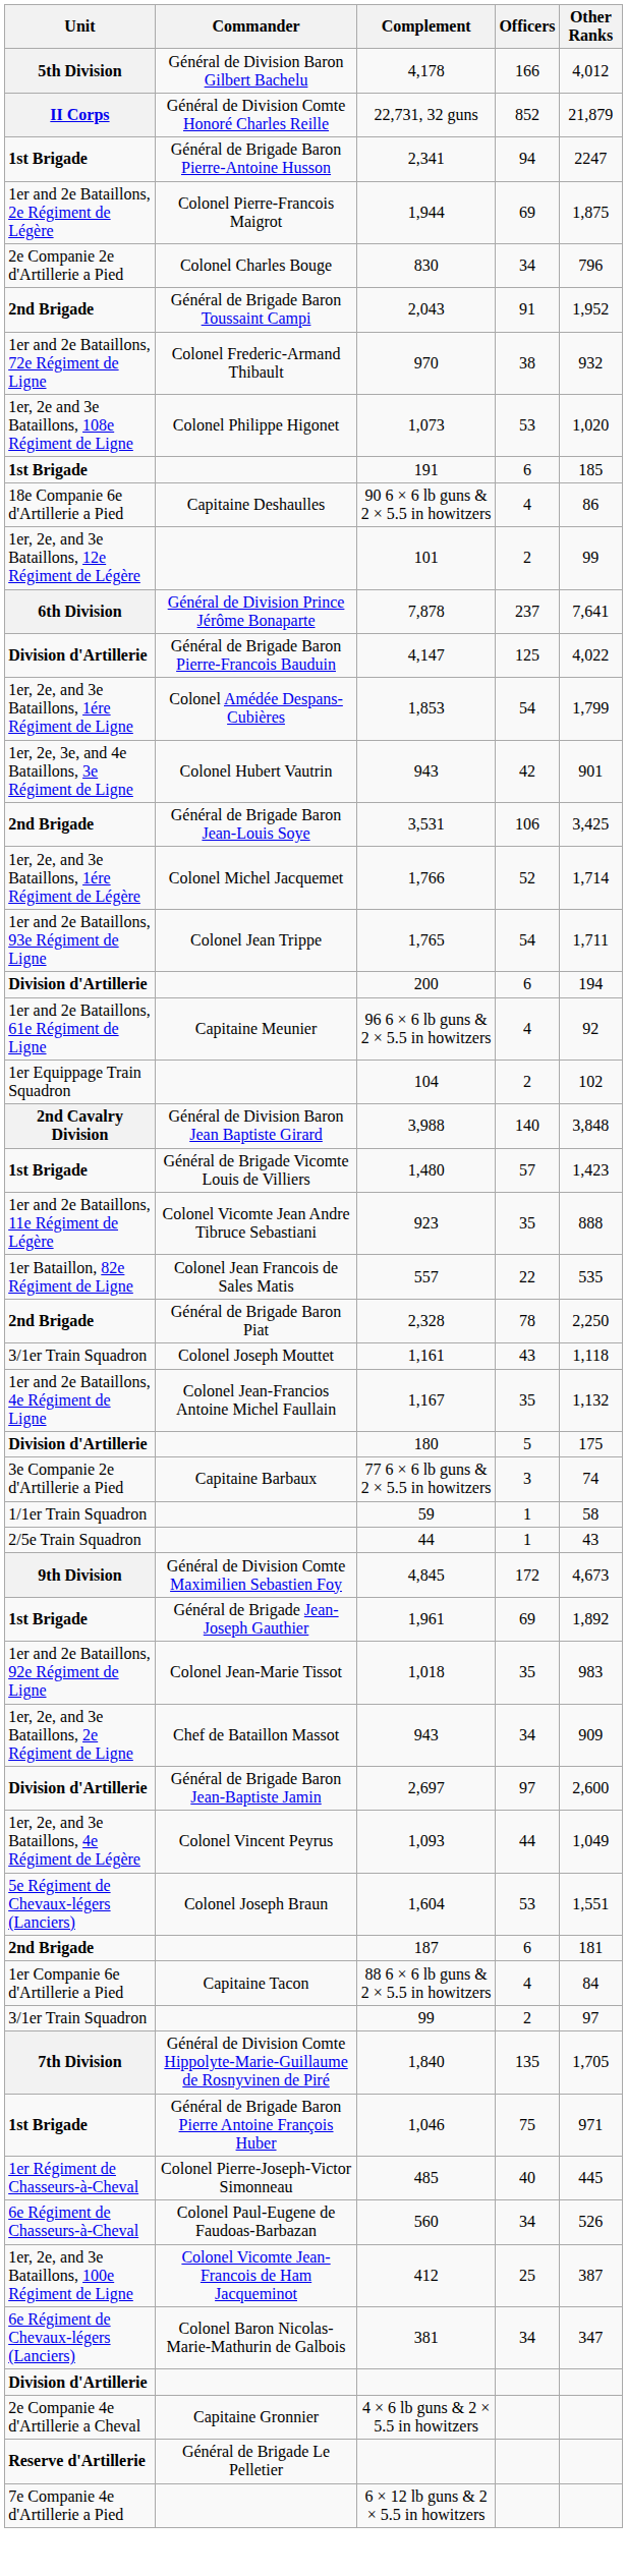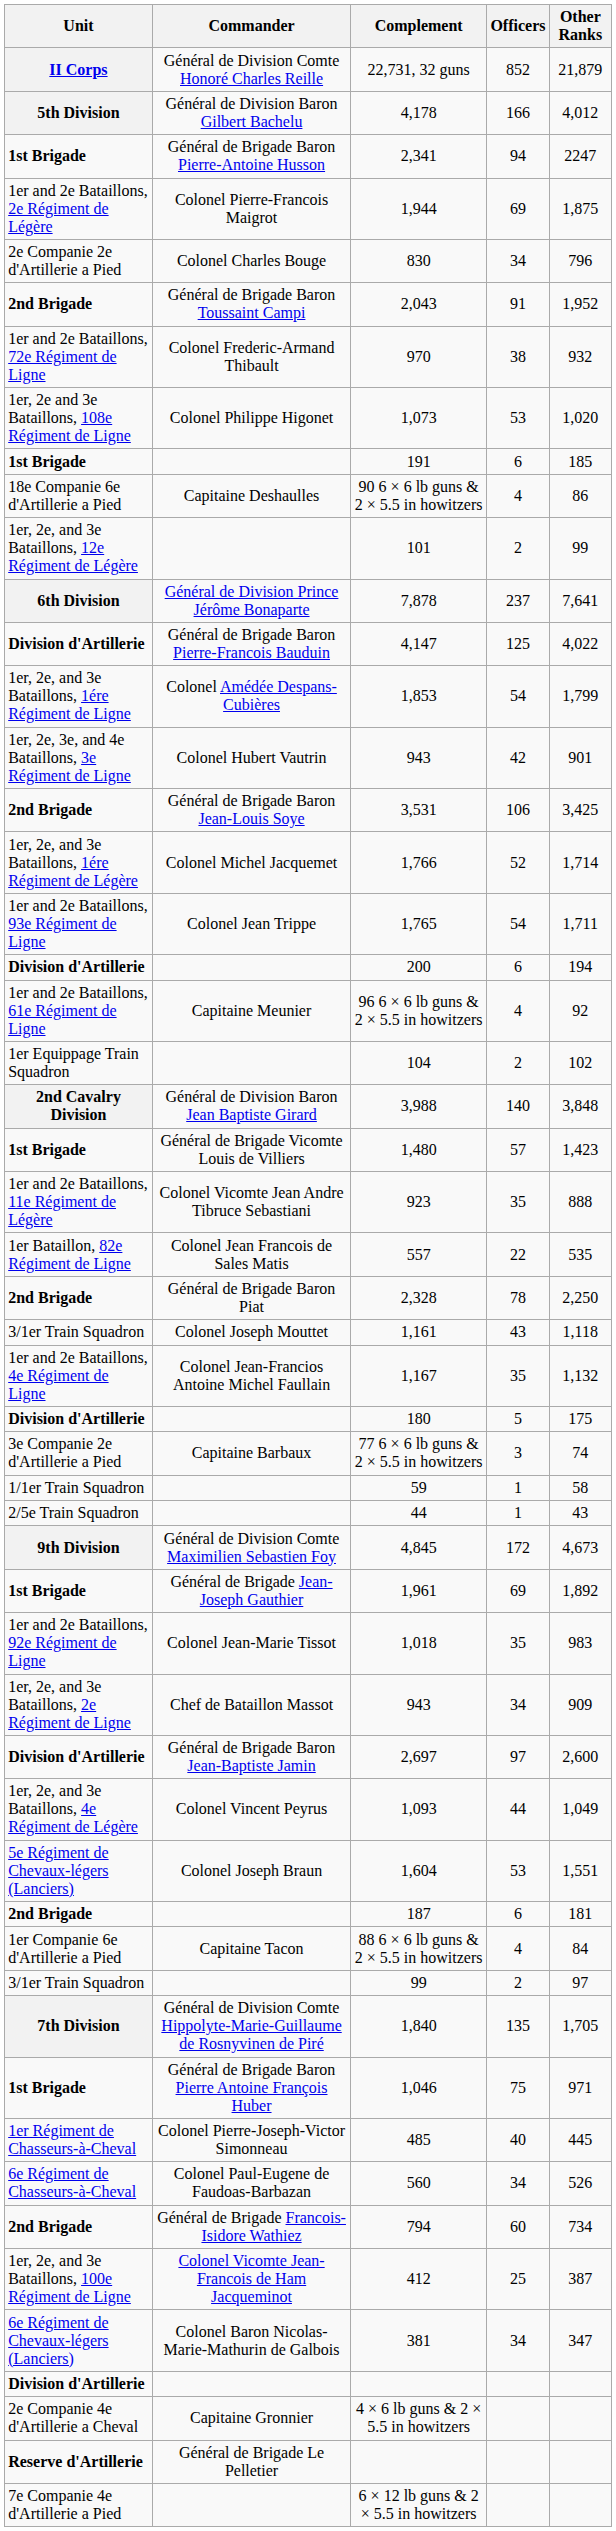 <table class="wikitable">
 <tr>
 <th>Unit</th>
 <th>Commander</th>
 <th>Complement</th>
 <th>Officers</th>
 <th>Other Ranks</th>
 </tr>
 <tr>
+<th colspan="1" bgcolor="#f9f9f9;"><a href='#'>II Corps</a></th>
+<td align="center">Général de Division Comte <a href='#'>Honoré Charles Reille</a></td>
+<td align="center">22,731, 32 guns</td>
+<td align="center">852</td>
+<td align="center">21,879</td>
+</tr>
+<tr>
 <th colspan="1" bgcolor="#f9f9f9;">5th Division</th>
 <td align="center">Général de Division Baron <a href='#'>Gilbert Bachelu</a></td>
 <td align="center">4,178</td>
 <td align="center">166</td>
 <td align="center">4,012</td>
-</tr>
-<tr>
-<th colspan="1" bgcolor="#f9f9f9;"><a href='#'>II Corps</a></th>
-<td align="center">Général de Division Comte <a href='#'>Honoré Charles Reille</a></td>
-<td align="center">22,731, 32 guns</td>
-<td align="center">852</td>
-<td align="center">21,879</td>
 </tr>
 <tr>
 <td><strong>1st Brigade</strong></td>
 <td align="center">Général de Brigade Baron <a href='#'>Pierre-Antoine Husson</a></td>
 <td align="center">2,341</td>
 <td align="center">94</td>
 <td align="center">2247</td>
 </tr>
 <tr>
 <td>1er and 2e Bataillons, <a href='#'>2e Régiment de Légère</a></td>
 <td align="center">Colonel Pierre-Francois Maigrot</td>
 <td align="center">1,944</td>
 <td align="center">69</td>
 <td align="center">1,875</td>
 </tr>
 <tr>
 <td>2e Companie 2e d'Artillerie a Pied</td>
 <td align="center">Colonel Charles Bouge</td>
 <td align="center">830</td>
 <td align="center">34</td>
 <td align="center">796</td>
 </tr>
 <tr>
 <td><strong>2nd Brigade</strong></td>
 <td align="center">Général de Brigade Baron <a href='#'>Toussaint Campi</a></td>
 <td align="center">2,043</td>
 <td align="center">91</td>
 <td align="center">1,952</td>
 </tr>
 <tr>
 <td>1er and 2e Bataillons, <a href='#'>72e Régiment de Ligne</a></td>
 <td align="center">Colonel Frederic-Armand Thibault</td>
 <td align="center">970</td>
 <td align="center">38</td>
 <td align="center">932</td>
 </tr>
 <tr>
 <td>1er, 2e and 3e Bataillons, <a href='#'>108e Régiment de Ligne</a></td>
 <td align="center">Colonel Philippe Higonet</td>
 <td align="center">1,073</td>
 <td align="center">53</td>
 <td align="center">1,020</td>
 </tr>
 <tr>
 <td><strong>1st Brigade</strong></td>
 <td align="center"></td>
 <td align="center">191</td>
 <td align="center">6</td>
 <td align="center">185</td>
 </tr>
 <tr>
 <td>18e Companie 6e d'Artillerie a Pied</td>
 <td align="center">Capitaine Deshaulles</td>
 <td align="center">90 6 × 6 lb guns & 2 × 5.5 in howitzers</td>
 <td align="center">4</td>
 <td align="center">86</td>
 </tr>
 <tr>
 <td>1er, 2e, and 3e Bataillons, <a href='#'>12e Régiment de Légère</a></td>
 <td align="center"></td>
 <td align="center">101</td>
 <td align="center">2</td>
 <td align="center">99</td>
 </tr>
 <tr>
 <th colspan="1" bgcolor="#f9f9f9;">6th Division</th>
 <td align="center"><a href='#'>Général de Division Prince Jérôme Bonaparte</a></td>
 <td align="center">7,878</td>
 <td align="center">237</td>
 <td align="center">7,641</td>
 </tr>
 <tr>
 <td><strong>Division d'Artillerie</strong></td>
 <td align="center">Général de Brigade Baron <a href='#'>Pierre-Francois Bauduin</a></td>
 <td align="center">4,147</td>
 <td align="center">125</td>
 <td align="center">4,022</td>
 </tr>
 <tr>
 <td>1er, 2e, and 3e Bataillons, <a href='#'>1ére Régiment de Ligne</a></td>
 <td align="center">Colonel <a href='#'>Amédée Despans-Cubières</a></td>
 <td align="center">1,853</td>
 <td align="center">54</td>
 <td align="center">1,799</td>
 </tr>
 <tr>
 <td>1er, 2e, 3e, and 4e Bataillons, <a href='#'>3e Régiment de Ligne</a></td>
 <td align="center">Colonel Hubert Vautrin</td>
 <td align="center">943</td>
 <td align="center">42</td>
 <td align="center">901</td>
 </tr>
 <tr>
 <td><strong>2nd Brigade</strong></td>
 <td align="center">Général de Brigade Baron <a href='#'>Jean-Louis Soye</a></td>
 <td align="center">3,531</td>
 <td align="center">106</td>
 <td align="center">3,425</td>
 </tr>
 <tr>
 <td>1er, 2e, and 3e Bataillons, <a href='#'>1ére Régiment de Légère</a></td>
 <td align="center">Colonel Michel Jacquemet</td>
 <td align="center">1,766</td>
 <td align="center">52</td>
 <td align="center">1,714</td>
 </tr>
 <tr>
 <td>1er and 2e Bataillons, <a href='#'>93e Régiment de Ligne</a></td>
 <td align="center">Colonel Jean Trippe</td>
 <td align="center">1,765</td>
 <td align="center">54</td>
 <td align="center">1,711</td>
 </tr>
 <tr>
 <td><strong>Division d'Artillerie</strong></td>
 <td align="center"></td>
 <td align="center">200</td>
 <td align="center">6</td>
 <td align="center">194</td>
 </tr>
 <tr>
 <td>1er and 2e Bataillons, <a href='#'>61e Régiment de Ligne</a></td>
 <td align="center">Capitaine Meunier</td>
 <td align="center">96 6 × 6 lb guns & 2 × 5.5 in howitzers</td>
 <td align="center">4</td>
 <td align="center">92</td>
 </tr>
 <tr>
 <td>1er Equippage Train Squadron</td>
 <td align="center"></td>
 <td align="center">104</td>
 <td align="center">2</td>
 <td align="center">102</td>
 </tr>
 <tr>
 <th colspan="1" bgcolor="#f9f9f9;">2nd Cavalry Division</th>
 <td align="center">Général de Division Baron <a href='#'>Jean Baptiste Girard</a></td>
 <td align="center">3,988</td>
 <td align="center">140</td>
 <td align="center">3,848</td>
 </tr>
 <tr>
 <td><strong>1st Brigade</strong></td>
 <td align="center">Général de Brigade Vicomte Louis de Villiers</td>
 <td align="center">1,480</td>
 <td align="center">57</td>
 <td align="center">1,423</td>
 </tr>
 <tr>
 <td>1er and 2e Bataillons, <a href='#'>11e Régiment de Légère</a></td>
 <td align="center">Colonel Vicomte Jean Andre Tibruce Sebastiani</td>
 <td align="center">923</td>
 <td align="center">35</td>
 <td align="center">888</td>
 </tr>
 <tr>
 <td>1er Bataillon, <a href='#'>82e Régiment de Ligne</a></td>
 <td align="center">Colonel Jean Francois de Sales Matis</td>
 <td align="center">557</td>
 <td align="center">22</td>
 <td align="center">535</td>
 </tr>
 <tr>
 <td><strong>2nd Brigade</strong></td>
 <td align="center">Général de Brigade Baron Piat</td>
 <td align="center">2,328</td>
 <td align="center">78</td>
 <td align="center">2,250</td>
 </tr>
 <tr>
 <td>3/1er Train Squadron</td>
 <td align="center">Colonel Joseph Mouttet</td>
 <td align="center">1,161</td>
 <td align="center">43</td>
 <td align="center">1,118</td>
 </tr>
 <tr>
 <td>1er and 2e Bataillons, <a href='#'>4e Régiment de Ligne</a></td>
 <td align="center">Colonel Jean-Francios Antoine Michel Faullain</td>
 <td align="center">1,167</td>
 <td align="center">35</td>
 <td align="center">1,132</td>
 </tr>
 <tr>
 <td><strong>Division d'Artillerie</strong></td>
 <td align="center"></td>
 <td align="center">180</td>
 <td align="center">5</td>
 <td align="center">175</td>
 </tr>
 <tr>
 <td>3e Companie 2e d'Artillerie a Pied</td>
 <td align="center">Capitaine Barbaux</td>
 <td align="center">77 6 × 6 lb guns & 2 × 5.5 in howitzers</td>
 <td align="center">3</td>
 <td align="center">74</td>
 </tr>
 <tr>
 <td>1/1er Train Squadron</td>
 <td align="center"></td>
 <td align="center">59</td>
 <td align="center">1</td>
 <td align="center">58</td>
 </tr>
 <tr>
 <td>2/5e Train Squadron</td>
 <td align="center"></td>
 <td align="center">44</td>
 <td align="center">1</td>
 <td align="center">43</td>
 </tr>
 <tr>
 <th colspan="1" bgcolor="#f9f9f9;">9th Division</th>
 <td align="center">Général de Division Comte <a href='#'>Maximilien Sebastien Foy</a></td>
 <td align="center">4,845</td>
 <td align="center">172</td>
 <td align="center">4,673</td>
 </tr>
 <tr>
 <td><strong>1st Brigade</strong></td>
 <td align="center">Général de Brigade <a href='#'>Jean-Joseph Gauthier</a></td>
 <td align="center">1,961</td>
 <td align="center">69</td>
 <td align="center">1,892</td>
 </tr>
 <tr>
 <td>1er and 2e Bataillons, <a href='#'>92e Régiment de Ligne</a></td>
 <td align="center">Colonel Jean-Marie Tissot</td>
 <td align="center">1,018</td>
 <td align="center">35</td>
 <td align="center">983</td>
 </tr>
 <tr>
 <td>1er, 2e, and 3e Bataillons, <a href='#'>2e Régiment de Ligne</a></td>
 <td align="center">Chef de Bataillon Massot</td>
 <td align="center">943</td>
 <td align="center">34</td>
 <td align="center">909</td>
 </tr>
 <tr>
 <td><strong>Division d'Artillerie</strong></td>
 <td align="center">Général de Brigade Baron <a href='#'>Jean-Baptiste Jamin</a></td>
 <td align="center">2,697</td>
 <td align="center">97</td>
 <td align="center">2,600</td>
 </tr>
 <tr>
 <td>1er, 2e, and 3e Bataillons, <a href='#'>4e Régiment de Légère</a></td>
 <td align="center">Colonel Vincent Peyrus</td>
 <td align="center">1,093</td>
 <td align="center">44</td>
 <td align="center">1,049</td>
 </tr>
 <tr>
 <td><a href='#'>5e Régiment de Chevaux-légers (Lanciers)</a></td>
 <td align="center">Colonel Joseph Braun</td>
 <td align="center">1,604</td>
 <td align="center">53</td>
 <td align="center">1,551</td>
 </tr>
 <tr>
 <td><strong>2nd Brigade</strong></td>
 <td align="center"></td>
 <td align="center">187</td>
 <td align="center">6</td>
 <td align="center">181</td>
 </tr>
 <tr>
 <td>1er Companie 6e d'Artillerie a Pied</td>
 <td align="center">Capitaine Tacon</td>
 <td align="center">88 6 × 6 lb guns & 2 × 5.5 in howitzers</td>
 <td align="center">4</td>
 <td align="center">84</td>
 </tr>
 <tr>
 <td>3/1er Train Squadron</td>
 <td align="center"></td>
 <td align="center">99</td>
 <td align="center">2</td>
 <td align="center">97</td>
 </tr>
 <tr>
 <th colspan="1" bgcolor="#f9f9f9;">7th Division</th>
 <td align="center">Général de Division Comte <a href='#'>Hippolyte-Marie-Guillaume de Rosnyvinen de Piré</a></td>
 <td align="center">1,840</td>
 <td align="center">135</td>
 <td align="center">1,705</td>
 </tr>
 <tr>
 <td><strong>1st Brigade</strong></td>
 <td align="center">Général de Brigade Baron <a href='#'>Pierre Antoine François Huber</a></td>
 <td align="center">1,046</td>
 <td align="center">75</td>
 <td align="center">971</td>
 </tr>
 <tr>
 <td><a href='#'>1er Régiment de Chasseurs-à-Cheval</a></td>
 <td align="center">Colonel Pierre-Joseph-Victor Simonneau</td>
 <td align="center">485</td>
 <td align="center">40</td>
 <td align="center">445</td>
 </tr>
 <tr>
 <td><a href='#'>6e Régiment de Chasseurs-à-Cheval</a></td>
 <td align="center">Colonel Paul-Eugene de Faudoas-Barbazan</td>
 <td align="center">560</td>
 <td align="center">34</td>
 <td align="center">526</td>
 </tr>
 <tr>
+<td><strong>2nd Brigade</strong></td>
+<td align="center">Général de Brigade <a href='#'>Francois-Isidore Wathiez</a></td>
+<td align="center">794</td>
+<td align="center">60</td>
+<td align="center">734</td>
+</tr>
+<tr>
 <td>1er, 2e, and 3e Bataillons, <a href='#'>100e Régiment de Ligne</a></td>
 <td align="center"><a href='#'>Colonel Vicomte Jean-Francois de Ham Jacqueminot</a></td>
 <td align="center">412</td>
 <td align="center">25</td>
 <td align="center">387</td>
 </tr>
 <tr>
 <td><a href='#'>6e Régiment de Chevaux-légers (Lanciers)</a></td>
 <td align="center">Colonel Baron Nicolas-Marie-Mathurin de Galbois</td>
 <td align="center">381</td>
 <td align="center">34</td>
 <td align="center">347</td>
 </tr>
 <tr>
 <td><strong>Division d'Artillerie</strong></td>
 <td align="center"></td>
 <td align="center"></td>
 <td align="center"></td>
 <td align="center"></td>
 </tr>
 <tr>
 <td>2e Companie 4e d'Artillerie a Cheval</td>
 <td align="center">Capitaine Gronnier</td>
 <td align="center">4 × 6 lb guns & 2 × 5.5 in howitzers</td>
 <td align="center"></td>
 <td align="center"></td>
 </tr>
 <tr>
 <td><strong>Reserve d'Artillerie</strong></td>
 <td align="center">Général de Brigade Le Pelletier</td>
 <td align="center"></td>
 <td align="center"></td>
 <td align="center"></td>
 </tr>
 <tr>
 <td>7e Companie 4e d'Artillerie a Pied</td>
 <td align="center"></td>
 <td align="center">6 × 12 lb guns & 2 × 5.5 in howitzers</td>
 <td align="center"></td>
 <td align="center"></td>
 </tr>
 </table>
